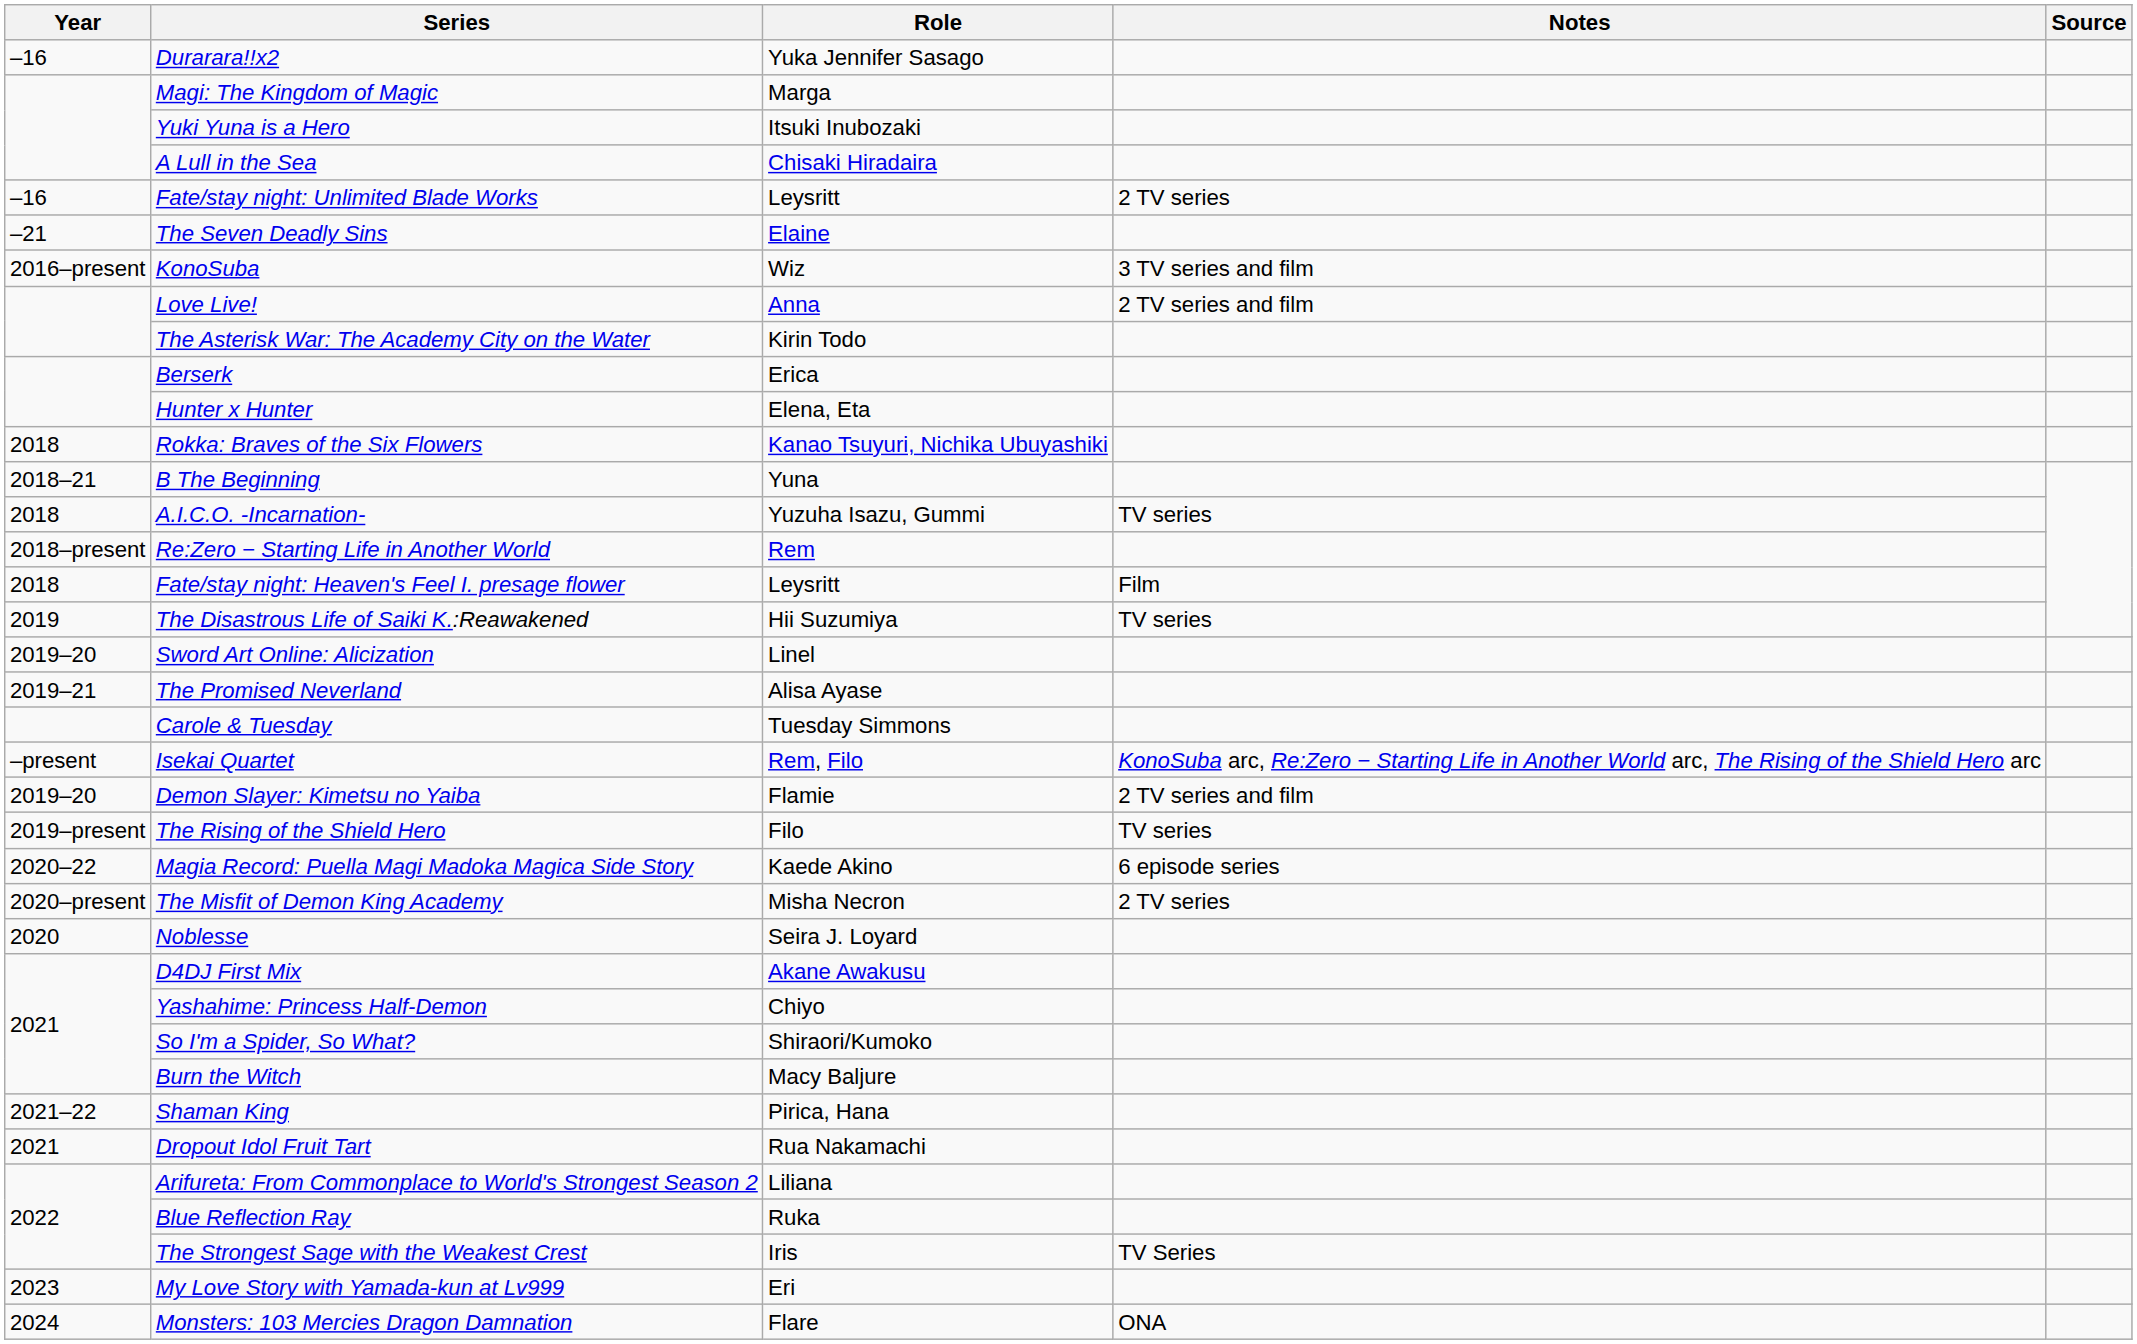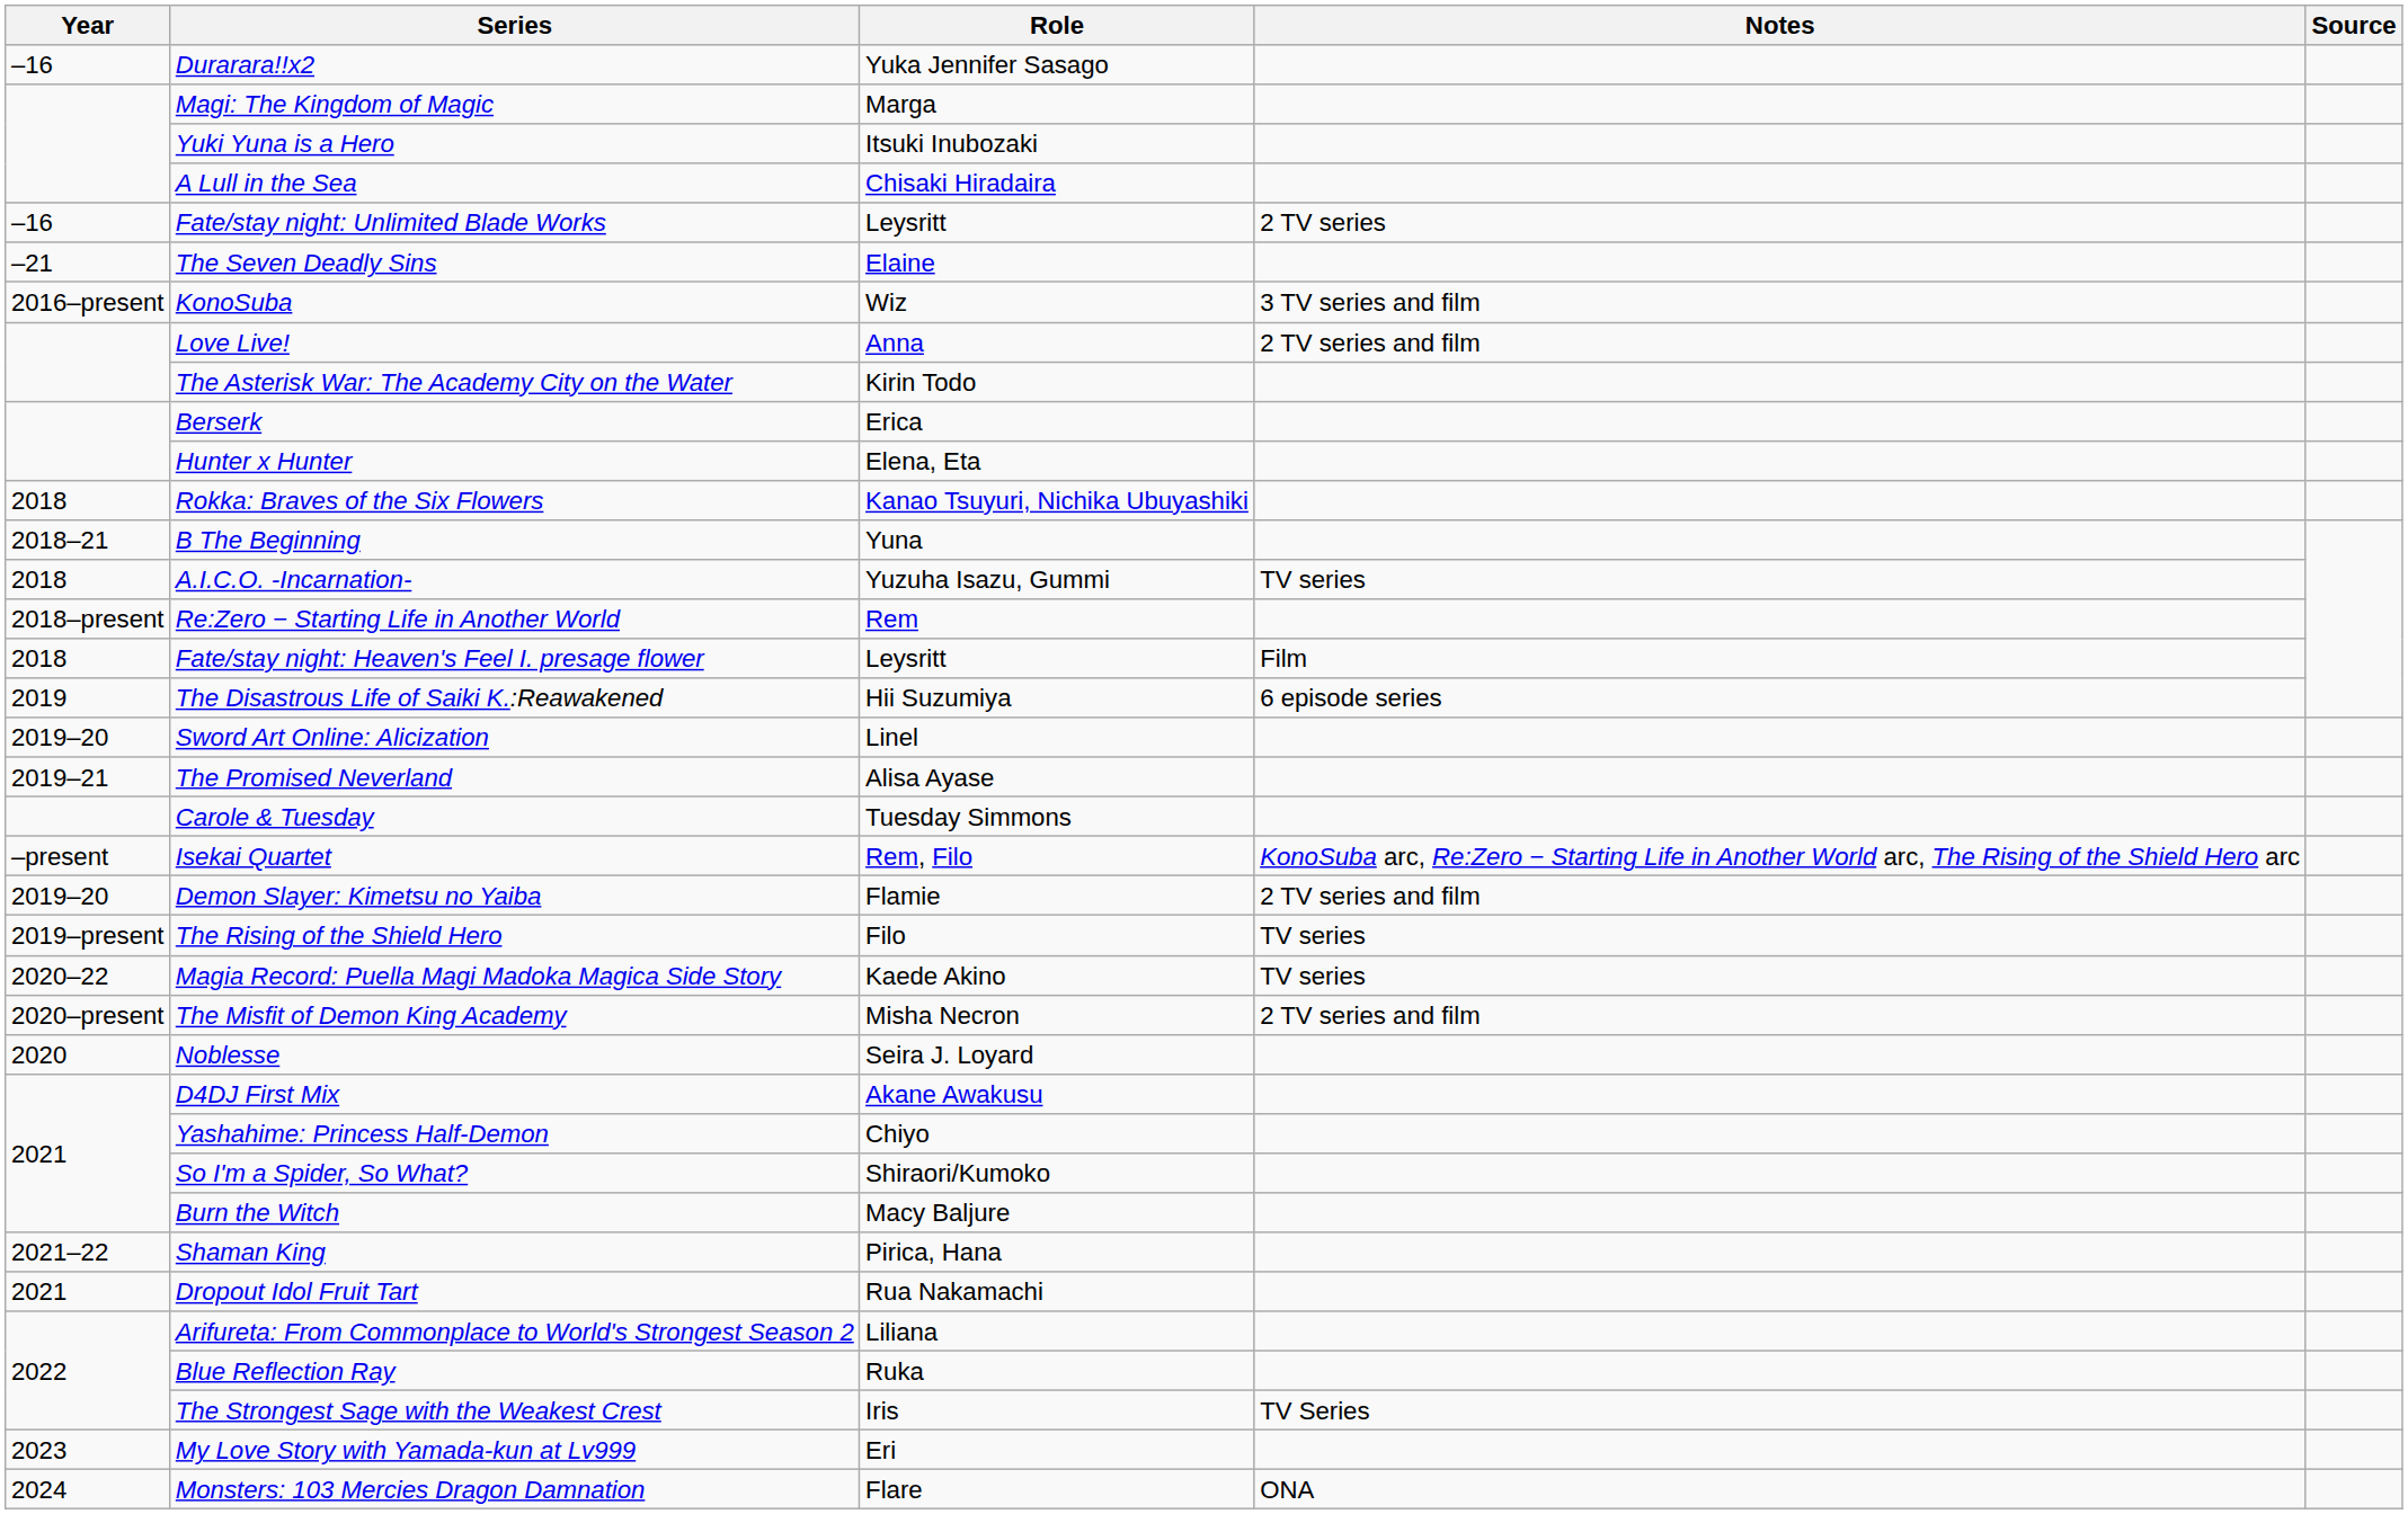 <table class="wikitable sortable plainrowheaders" style="width=95%; font-size: 95%;">
 <tr>
 <th>Year</th>
 <th>Series</th>
 <th>Role</th>
 <th scope="col" class="unsortable">Notes</th>
 <th scope="col" class="unsortable">Source</th>
 </tr>
 <tr>
 <td>–16</td>
 <td><em><a href='#'>Durarara!!x2</a></em></td>
 <td>Yuka Jennifer Sasago</td>
 <td></td>
 <td></td>
 </tr>
 <tr>
 <td rowspan="3"></td>
 <td><em><a href='#'>Magi: The Kingdom of Magic</a></em></td>
 <td>Marga</td>
 <td></td>
 <td></td>
 </tr>
 <tr>
 <td><em><a href='#'>Yuki Yuna is a Hero</a></em></td>
 <td>Itsuki Inubozaki</td>
 <td></td>
 <td></td>
 </tr>
 <tr>
 <td><em><a href='#'>A Lull in the Sea</a></em></td>
 <td><a href='#'>Chisaki Hiradaira</a></td>
 <td></td>
 <td></td>
 </tr>
 <tr>
 <td>–16</td>
 <td><em><a href='#'>Fate/stay night: Unlimited Blade Works</a></em></td>
 <td>Leysritt</td>
 <td>2 TV series</td>
 <td></td>
 </tr>
 <tr>
 <td>–21</td>
 <td><em><a href='#'>The Seven Deadly Sins</a></em></td>
 <td><a href='#'>Elaine</a></td>
 <td></td>
 <td></td>
 </tr>
 <tr>
 <td>2016–present</td>
 <td><em><a href='#'>KonoSuba</a></em></td>
 <td>Wiz</td>
 <td>3 TV series and film</td>
 <td></td>
 </tr>
 <tr>
 <td rowspan="2"></td>
 <td><em><a href='#'>Love Live!</a></em></td>
 <td><a href='#'>Anna</a></td>
 <td>2 TV series and film</td>
 <td></td>
 </tr>
 <tr>
 <td><em><a href='#'>The Asterisk War: The Academy City on the Water</a></em></td>
 <td>Kirin Todo</td>
 <td></td>
 <td></td>
 </tr>
 <tr>
 <td rowspan="2"></td>
 <td><em><a href='#'>Berserk</a></em></td>
 <td>Erica</td>
 <td></td>
 <td></td>
 </tr>
 <tr>
 <td><em><a href='#'>Hunter x Hunter</a></em></td>
 <td>Elena, Eta</td>
 <td></td>
 <td></td>
 </tr>
 <tr>
 <td>2018</td>
 <td><em><a href='#'>Rokka: Braves of the Six Flowers</a></em></td>
 <td><a href='#'>Kanao Tsuyuri, Nichika Ubuyashiki</a></td>
 <td></td>
 <td></td>
 </tr>
 <tr>
 <td>2018–21</td>
 <td><em><a href='#'>B The Beginning</a></em></td>
 <td>Yuna</td>
 <td></td>
 <td rowspan="5"></td>
 </tr>
 <tr>
 <td>2018</td>
 <td><em><a href='#'>A.I.C.O. -Incarnation-</a></em></td>
 <td>Yuzuha Isazu, Gummi</td>
 <td>TV series</td>
 </tr>
 <tr>
 <td>2018–present</td>
 <td><em><a href='#'>Re:Zero − Starting Life in Another World</a></em></td>
 <td><a href='#'>Rem</a></td>
 <td></td>
 </tr>
 <tr>
 <td>2018</td>
 <td><em><a href='#'>Fate/stay night: Heaven's Feel I. presage flower</a></em></td>
 <td>Leysritt</td>
 <td>Film</td>
 </tr>
 <tr>
 <td>2019</td>
 <td><em><a href='#'>The Disastrous Life of Saiki K.</a>:Reawakened</em></td>
 <td>Hii Suzumiya</td>
-<td>TV series</td>
+<td>6 episode series</td>
 </tr>
 <tr>
 <td>2019–20</td>
 <td><em><a href='#'>Sword Art Online: Alicization</a></em></td>
 <td>Linel</td>
 <td></td>
 <td></td>
 </tr>
 <tr>
 <td>2019–21</td>
 <td><em><a href='#'>The Promised Neverland</a></em></td>
 <td>Alisa Ayase</td>
 <td></td>
 <td></td>
 </tr>
 <tr>
 <td></td>
 <td><em><a href='#'>Carole & Tuesday</a></em></td>
 <td>Tuesday Simmons</td>
 <td></td>
 <td></td>
 </tr>
 <tr>
 <td>–present</td>
 <td><em><a href='#'>Isekai Quartet</a></em></td>
 <td><a href='#'>Rem</a>, <a href='#'>Filo</a></td>
 <td><em><a href='#'>KonoSuba</a></em> arc, <em><a href='#'>Re:Zero − Starting Life in Another World</a></em> arc, <em><a href='#'>The Rising of the Shield Hero</a></em> arc</td>
 <td></td>
 </tr>
 <tr>
 <td>2019–20</td>
 <td><em><a href='#'>Demon Slayer: Kimetsu no Yaiba</a></em></td>
 <td>Flamie</td>
 <td>2 TV series and film</td>
 <td></td>
 </tr>
 <tr>
 <td>2019–present</td>
 <td><em><a href='#'>The Rising of the Shield Hero</a></em></td>
 <td>Filo</td>
 <td>TV series</td>
 <td></td>
 </tr>
 <tr>
 <td>2020–22</td>
 <td><em><a href='#'>Magia Record: Puella Magi Madoka Magica Side Story</a></em></td>
 <td>Kaede Akino</td>
-<td>6 episode series</td>
+<td>TV series</td>
 <td></td>
 </tr>
 <tr>
 <td>2020–present</td>
 <td><em><a href='#'>The Misfit of Demon King Academy</a></em></td>
 <td>Misha Necron</td>
-<td>2 TV series</td>
+<td>2 TV series and film</td>
 <td></td>
 </tr>
 <tr>
 <td>2020</td>
 <td><em><a href='#'>Noblesse</a></em></td>
 <td>Seira J. Loyard</td>
 <td></td>
 <td></td>
 </tr>
 <tr>
 <td rowspan="4">2021</td>
 <td><em><a href='#'>D4DJ First Mix</a></em></td>
 <td><a href='#'>Akane Awakusu</a></td>
 <td></td>
 <td></td>
 </tr>
 <tr>
 <td><em><a href='#'>Yashahime: Princess Half-Demon</a></em></td>
 <td>Chiyo</td>
 <td></td>
 <td></td>
 </tr>
 <tr>
 <td><em><a href='#'>So I'm a Spider, So What?</a></em></td>
 <td>Shiraori/Kumoko</td>
 <td></td>
 <td></td>
 </tr>
 <tr>
 <td><em><a href='#'>Burn the Witch</a></em></td>
 <td>Macy Baljure</td>
 <td></td>
 <td></td>
 </tr>
 <tr>
 <td>2021–22</td>
 <td><em><a href='#'>Shaman King</a></em></td>
 <td>Pirica, Hana</td>
 <td></td>
 <td></td>
 </tr>
 <tr>
 <td>2021</td>
 <td><em><a href='#'>Dropout Idol Fruit Tart</a></em></td>
 <td>Rua Nakamachi</td>
 <td></td>
 <td></td>
 </tr>
 <tr>
 <td rowspan="3">2022</td>
 <td><em><a href='#'>Arifureta: From Commonplace to World's Strongest Season 2</a></em></td>
 <td>Liliana</td>
 <td></td>
 <td></td>
 </tr>
 <tr>
 <td><em><a href='#'>Blue Reflection Ray</a></em></td>
 <td>Ruka</td>
 <td></td>
 <td></td>
 </tr>
 <tr>
 <td><em><a href='#'>The Strongest Sage with the Weakest Crest</a></em></td>
 <td>Iris</td>
 <td>TV Series</td>
 <td></td>
 </tr>
 <tr>
 <td>2023</td>
 <td><em><a href='#'>My Love Story with Yamada-kun at Lv999</a></em></td>
 <td>Eri</td>
 <td></td>
 <td></td>
 </tr>
 <tr>
 <td>2024</td>
 <td><em><a href='#'>Monsters: 103 Mercies Dragon Damnation</a></em></td>
 <td>Flare</td>
 <td>ONA</td>
 <td></td>
 </tr>
 </table>
